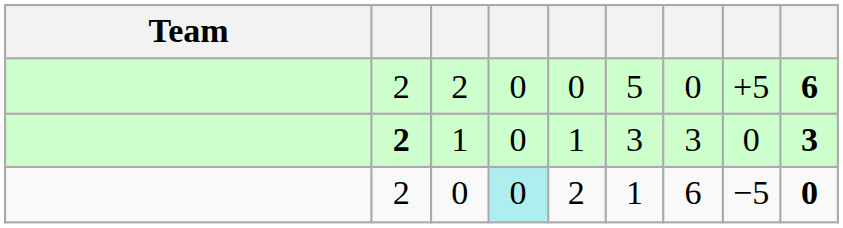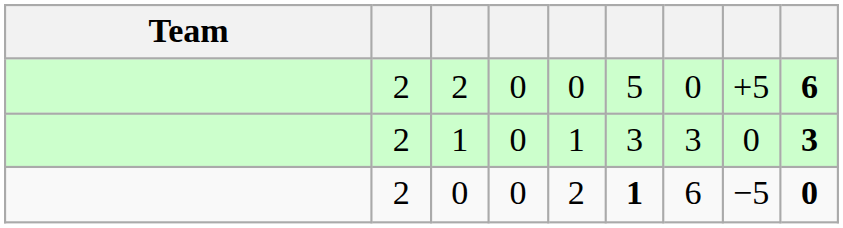 <table class="wikitable" style="text-align:center;">
 <tr>
 <th width="165">Team</th>
 <th width="20"></th>
 <th width="20"></th>
 <th width="20"></th>
 <th width="20"></th>
 <th width="20"></th>
 <th width="20"></th>
 <th width="20"></th>
 <th width="20"></th>
 </tr>
 <tr bgcolor="#ccffcc">
 <td style="text-align:left;"></td>
 <td>2</td>
 <td>2</td>
 <td>0</td>
 <td>0</td>
 <td>5</td>
 <td>0</td>
 <td>+5</td>
 <td><strong>6</strong></td>
 </tr>
 <tr bgcolor="#ccffcc">
 <td style="text-align:left;"></td>
-<td><strong>2</strong></td>
+<td>2</td>
 <td>1</td>
 <td>0</td>
 <td>1</td>
 <td>3</td>
 <td>3</td>
 <td>0</td>
 <td><strong>3</strong></td>
 </tr>
 <tr>
 <td style="text-align:left;"></td>
 <td>2</td>
 <td>0</td>
-<td style="background: paleturquoise;">0</td>
+<td>0</td>
 <td>2</td>
-<td>1</td>
+<td><strong>1</strong></td>
 <td>6</td>
 <td>−5</td>
 <td><strong>0</strong></td>
 </tr>
 </table>
